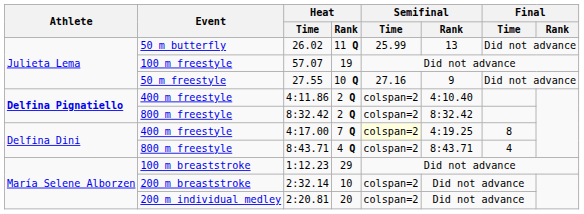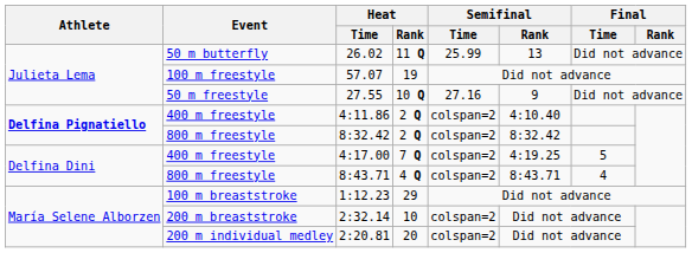 <table class=wikitable style="font-size:90%">
 <tr>
 <th rowspan=2>Athlete</th>
 <th rowspan=2>Event</th>
 <th colspan=2>Heat</th>
 <th colspan=2>Semifinal</th>
 <th colspan=2>Final</th>
 </tr>
 <tr style="font-size:95%">
 <th>Time</th>
 <th>Rank</th>
 <th>Time</th>
 <th>Rank</th>
 <th>Time</th>
 <th>Rank</th>
 </tr>
 <tr align=center>
 <td rowspan=3 align=left><a href='#'>Julieta Lema</a></td>
 <td align=left><a href='#'>50 m butterfly</a></td>
 <td>26.02</td>
 <td>11 <strong>Q</strong></td>
 <td>25.99</td>
 <td>13</td>
 <td colspan=2>Did not advance</td>
 </tr>
 <tr align=center>
 <td align=left><a href='#'>100 m freestyle</a></td>
 <td>57.07</td>
 <td>19</td>
 <td colspan=4>Did not advance</td>
 </tr>
 <tr align=center>
 <td align=left><a href='#'>50 m freestyle</a></td>
 <td>27.55</td>
 <td>10 <strong>Q</strong></td>
 <td>27.16</td>
 <td>9</td>
 <td colspan=2>Did not advance</td>
 </tr>
 <tr align=center>
 <td rowspan=2 align=left><strong><a href='#'>Delfina Pignatiello</a></strong></td>
 <td align=left><a href='#'>400 m freestyle</a></td>
 <td>4:11.86</td>
 <td>2 <strong>Q</strong></td>
 <td>colspan=2 </td>
 <td>4:10.40</td>
 <td></td>
 </tr>
 <tr align=center>
 <td align=left><a href='#'>800 m freestyle</a></td>
 <td>8:32.42</td>
 <td>2 <strong>Q</strong></td>
 <td>colspan=2 </td>
 <td>8:32.42</td>
 <td></td>
 </tr>
 <tr align=center>
 <td rowspan=2 align=left><a href='#'>Delfina Dini</a></td>
 <td align=left><a href='#'>400 m freestyle</a></td>
 <td>4:17.00</td>
 <td>7 <strong>Q</strong></td>
-<td style="background: lightyellow;">colspan=2 </td>
+<td>colspan=2 </td>
 <td>4:19.25</td>
-<td>8</td>
+<td>5</td>
 </tr>
 <tr align=center>
 <td align=left><a href='#'>800 m freestyle</a></td>
 <td>8:43.71</td>
 <td>4 <strong>Q</strong></td>
 <td>colspan=2 </td>
 <td>8:43.71</td>
 <td>4</td>
 </tr>
 <tr align=center>
 <td rowspan=3 align=left><a href='#'>María Selene Alborzen</a></td>
 <td align=left><a href='#'>100 m breaststroke</a></td>
 <td>1:12.23</td>
 <td>29</td>
 <td colspan=4>Did not advance</td>
 </tr>
 <tr align=center>
 <td align=left><a href='#'>200 m breaststroke</a></td>
 <td>2:32.14</td>
 <td>10</td>
 <td>colspan=2 </td>
 <td colspan=2>Did not advance</td>
 </tr>
 <tr align=center>
 <td align=left><a href='#'>200 m individual medley</a></td>
 <td>2:20.81</td>
 <td>20</td>
 <td>colspan=2 </td>
 <td colspan=2>Did not advance</td>
 </tr>
 </table>
